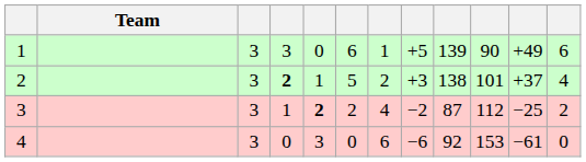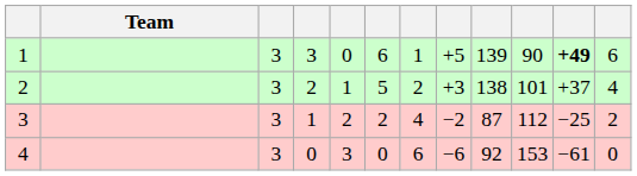 <table class=wikitable style="text-align: center;">
 <tr>
 <th style="width: 20px;"></th>
 <th style="width: 160px;">Team</th>
 <th style="width: 20px;"></th>
 <th style="width: 20px;"></th>
 <th style="width: 20px;"></th>
 <th style="width: 20px;"></th>
 <th style="width: 20px;"></th>
 <th style="width: 20px;"></th>
 <th style="width: 20px;"></th>
 <th style="width: 20px;"></th>
 <th style="width: 20px;"></th>
 <th style="width: 20px;"></th>
 </tr>
 <tr style="background: #CCFFCC;">
 <td>1</td>
 <td style="text-align: left;"></td>
 <td>3</td>
 <td>3</td>
 <td>0</td>
 <td>6</td>
 <td>1</td>
 <td>+5</td>
 <td>139</td>
 <td>90</td>
-<td>+49</td>
+<td><strong>+49</strong></td>
 <td>6</td>
 </tr>
 <tr style="background: #CCFFCC;">
 <td>2</td>
 <td style="text-align: left;"></td>
 <td>3</td>
-<td><strong>2</strong></td>
+<td>2</td>
 <td>1</td>
 <td>5</td>
 <td>2</td>
 <td>+3</td>
 <td>138</td>
 <td>101</td>
 <td>+37</td>
 <td>4</td>
 </tr>
 <tr style="background: #FFCCCC;">
 <td>3</td>
 <td style="text-align: left;"></td>
 <td>3</td>
 <td>1</td>
-<td><strong>2</strong></td>
+<td>2</td>
 <td>2</td>
 <td>4</td>
 <td>−2</td>
 <td>87</td>
 <td>112</td>
 <td>−25</td>
 <td>2</td>
 </tr>
 <tr style="background: #FFCCCC;">
 <td>4</td>
 <td style="text-align: left;"></td>
 <td>3</td>
 <td>0</td>
 <td>3</td>
 <td>0</td>
 <td>6</td>
 <td>−6</td>
 <td>92</td>
 <td>153</td>
 <td>−61</td>
 <td>0</td>
 </tr>
 </table>
